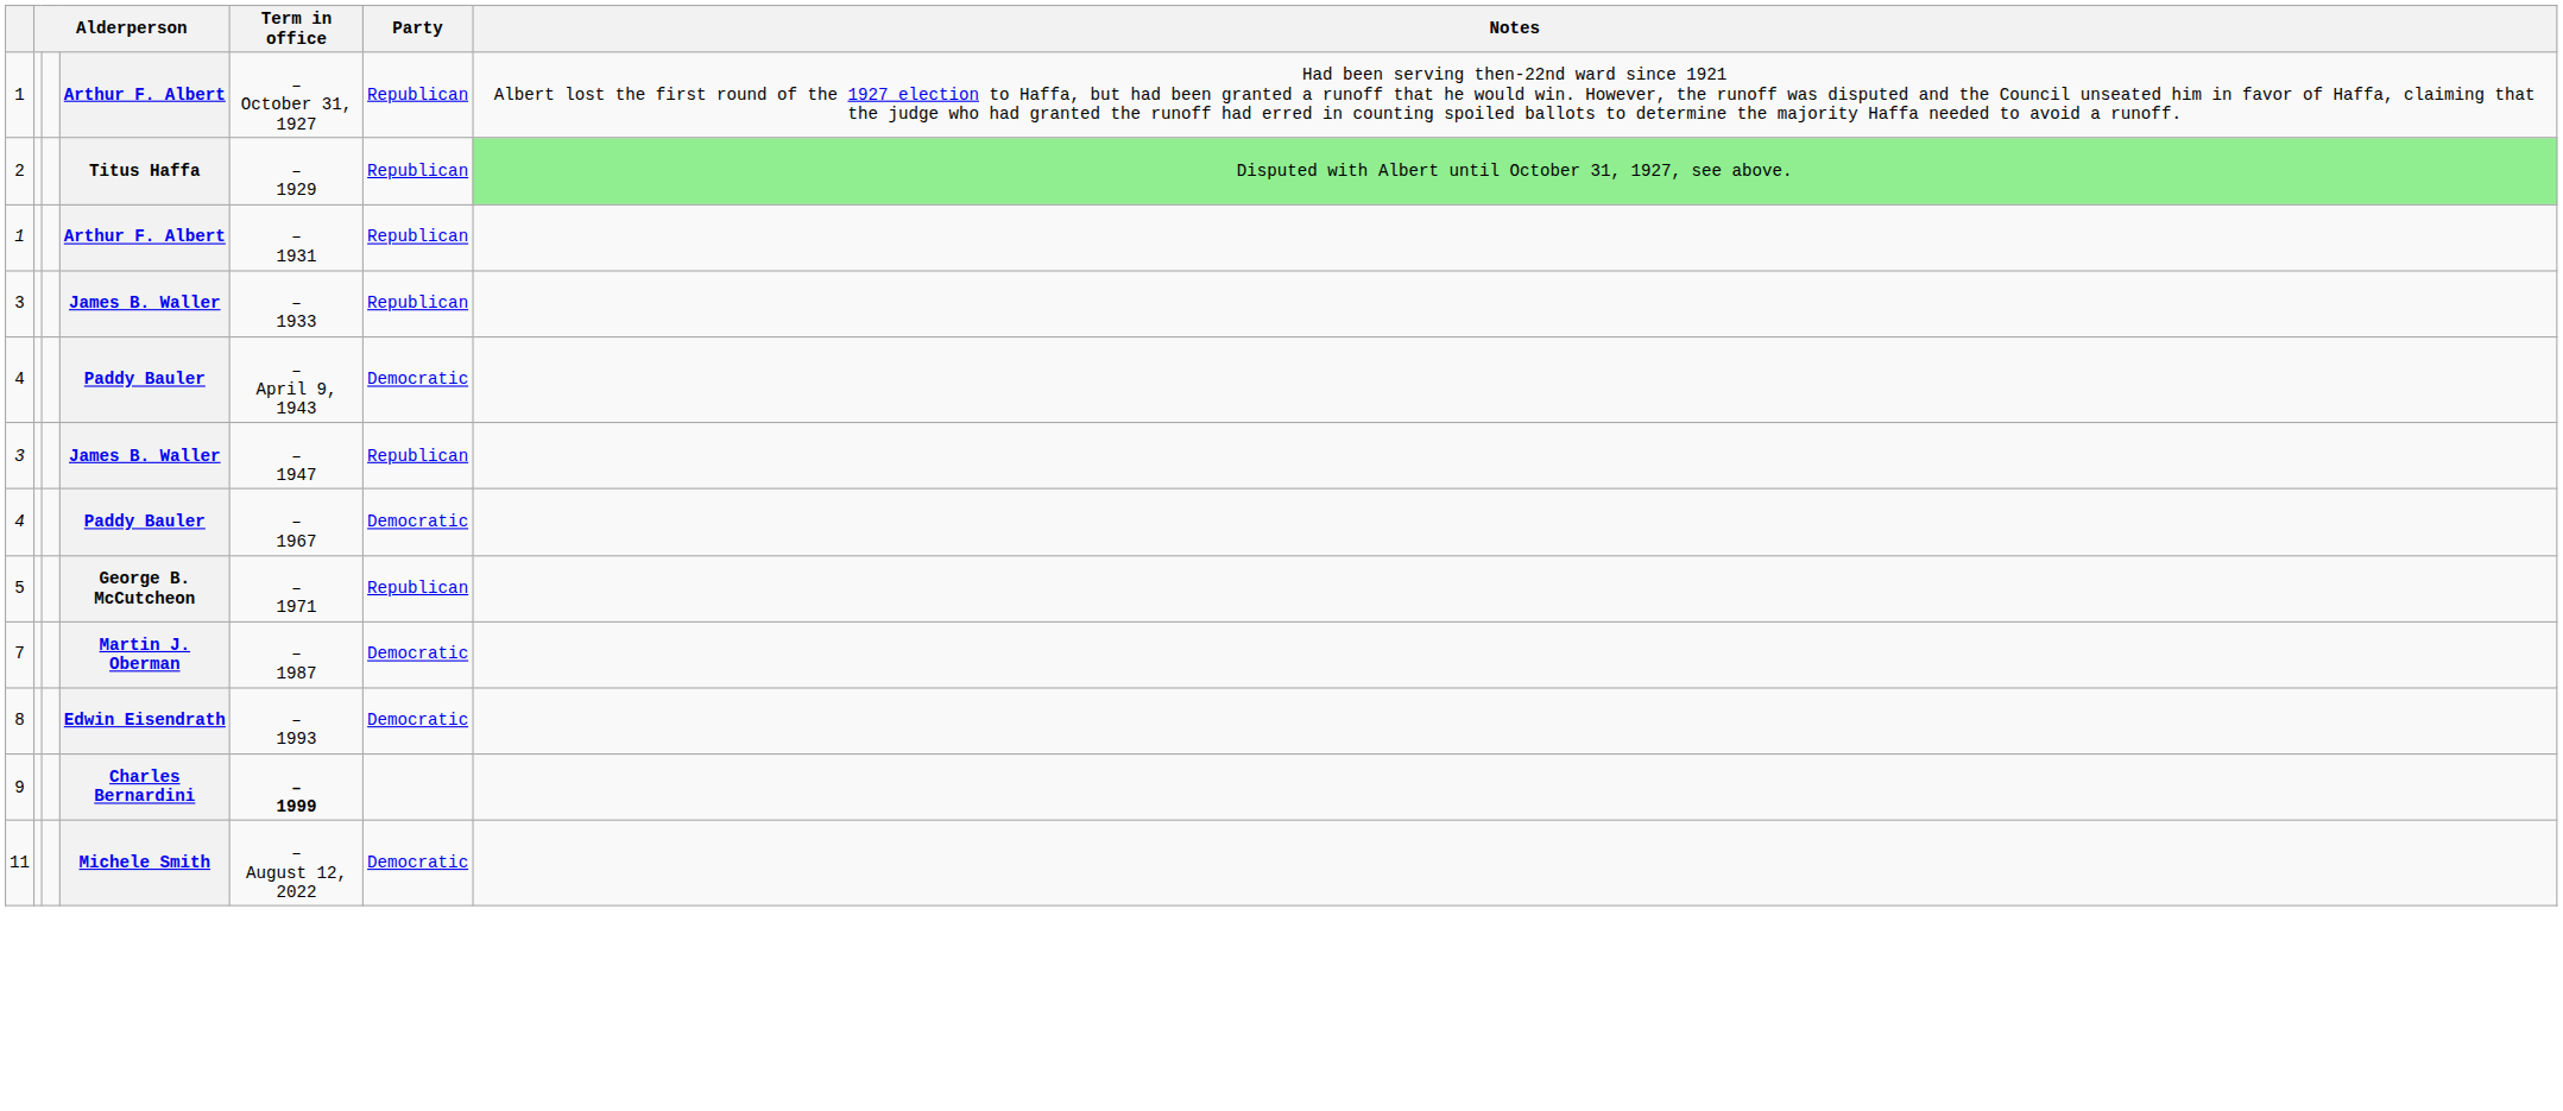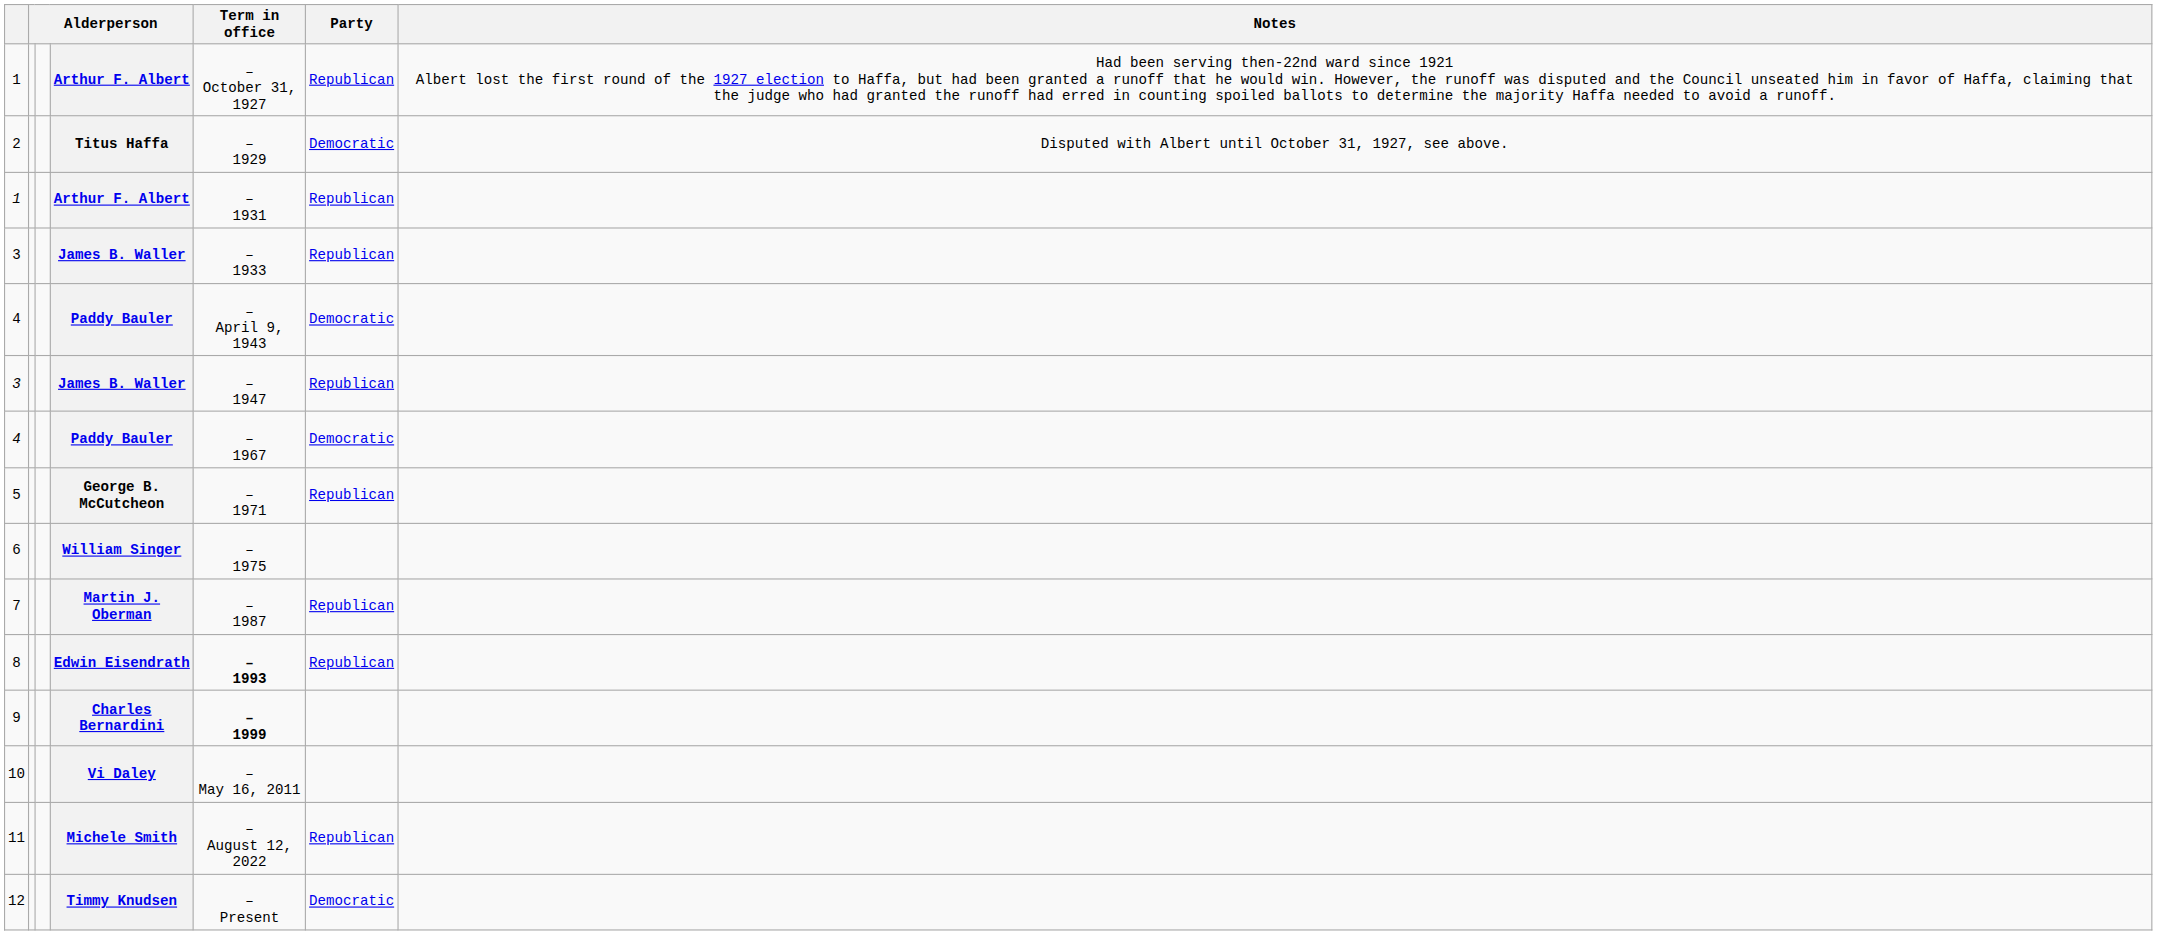 <table class="wikitable sortable" style="text-align:center;">
 <tr>
 <th scope="col"></th>
 <th scope="col" colspan="3">Alderperson</th>
 <th scope="col">Term in office</th>
 <th scope="col">Party</th>
 <th scope="col">Notes</th>
 </tr>
 <tr style="height:2em;">
 <td>1</td>
 <td></td>
 <td> </td>
 <th scope="row"><a href='#'>Arthur F. Albert</a></th>
 <td><br>–<br>October 31, 1927</td>
 <td><a href='#'>Republican</a></td>
 <td>Had been serving then-22nd ward since 1921 <br>Albert lost the first round of the <a href='#'>1927 election</a> to Haffa, but had been granted a runoff that he would win. However, the runoff was disputed and the Council unseated him in favor of Haffa, claiming that the judge who had granted the runoff had erred in counting spoiled ballots to determine the majority Haffa needed to avoid a runoff.</td>
 </tr>
 <tr style="height:2em;">
 <td>2</td>
 <td></td>
 <td> </td>
 <th scope="row">Titus Haffa</th>
 <td><br>–<br>1929</td>
-<td><a href='#'>Republican</a></td>
-<td style="background: lightgreen;">Disputed with Albert until October 31, 1927, see above.</td>
+<td><a href='#'>Democratic</a></td>
+<td>Disputed with Albert until October 31, 1927, see above.</td>
 </tr>
 <tr style="height:2em;">
 <td><em>1</em></td>
 <td></td>
 <td> </td>
 <th scope="row"><a href='#'>Arthur F. Albert</a></th>
 <td><br>–<br>1931</td>
 <td><a href='#'>Republican</a></td>
 <td></td>
 </tr>
 <tr style="height:2em;">
 <td>3</td>
 <td></td>
 <td> </td>
 <th scope="row"><a href='#'>James B. Waller</a></th>
 <td><br>–<br>1933</td>
 <td><a href='#'>Republican</a></td>
 <td></td>
 </tr>
 <tr style="height:2em;">
 <td>4</td>
 <td></td>
 <td> </td>
 <th scope="row"><a href='#'>Paddy Bauler</a></th>
 <td><br>–<br>April 9, 1943</td>
 <td><a href='#'>Democratic</a></td>
 <td></td>
 </tr>
 <tr style="height:2em;">
 <td><em>3</em></td>
 <td></td>
 <td> </td>
 <th scope="row"><a href='#'>James B. Waller</a></th>
 <td><br>–<br>1947</td>
 <td><a href='#'>Republican</a></td>
 <td></td>
 </tr>
 <tr style="height:2em;">
 <td><em>4</em></td>
 <td></td>
 <td> </td>
 <th scope="row"><a href='#'>Paddy Bauler</a></th>
 <td><br>–<br>1967</td>
 <td><a href='#'>Democratic</a></td>
 <td></td>
 </tr>
 <tr style="height:2em;">
 <td>5</td>
 <td></td>
 <td> </td>
 <th scope="row">George B. McCutcheon</th>
 <td><br>–<br>1971</td>
 <td><a href='#'>Republican</a></td>
 <td></td>
 </tr>
 <tr style="height:2em;">
+<td>6</td>
+<td></td>
+<td></td>
+<th scope="row"><a href='#'>William Singer</a></th>
+<td><br>–<br>1975</td>
+<td></td>
+<td></td>
+</tr>
+<tr style="height:2em;">
 <td>7</td>
 <td></td>
 <td> </td>
 <th scope="row"><a href='#'>Martin J. Oberman</a></th>
 <td><br>–<br>1987</td>
-<td><a href='#'>Democratic</a></td>
+<td><a href='#'>Republican</a></td>
 <td></td>
 </tr>
 <tr style="height:2em;">
 <td>8</td>
 <td></td>
 <td> </td>
 <th scope="row"><a href='#'>Edwin Eisendrath</a></th>
-<td><br>–<br>1993</td>
-<td><a href='#'>Democratic</a></td>
+<td><strong><br>–<br>1993</strong></td>
+<td><a href='#'>Republican</a></td>
 <td></td>
 </tr>
 <tr style="height:2em;">
 <td>9</td>
 <td></td>
 <td></td>
 <th scope="row"><a href='#'>Charles Bernardini</a></th>
 <td><strong><br>–<br>1999</strong></td>
 <td></td>
 <td></td>
 </tr>
 <tr style="height:2em;">
+<td>10</td>
+<td></td>
+<td></td>
+<th scope="row"><a href='#'>Vi Daley</a></th>
+<td><br>–<br>May 16, 2011</td>
+<td></td>
+<td></td>
+</tr>
+<tr style="height:2em;">
 <td>11</td>
 <td></td>
 <td></td>
 <th scope="row"><a href='#'>Michele Smith</a></th>
 <td><br>–<br>August 12, 2022</td>
+<td><a href='#'>Republican</a></td>
+<td></td>
+</tr>
+<tr style="height:2em;">
+<td>12</td>
+<td></td>
+<td></td>
+<th scope="row"><a href='#'>Timmy Knudsen</a></th>
+<td><br>–<br>Present</td>
 <td><a href='#'>Democratic</a></td>
 <td></td>
 </tr>
 </table>
